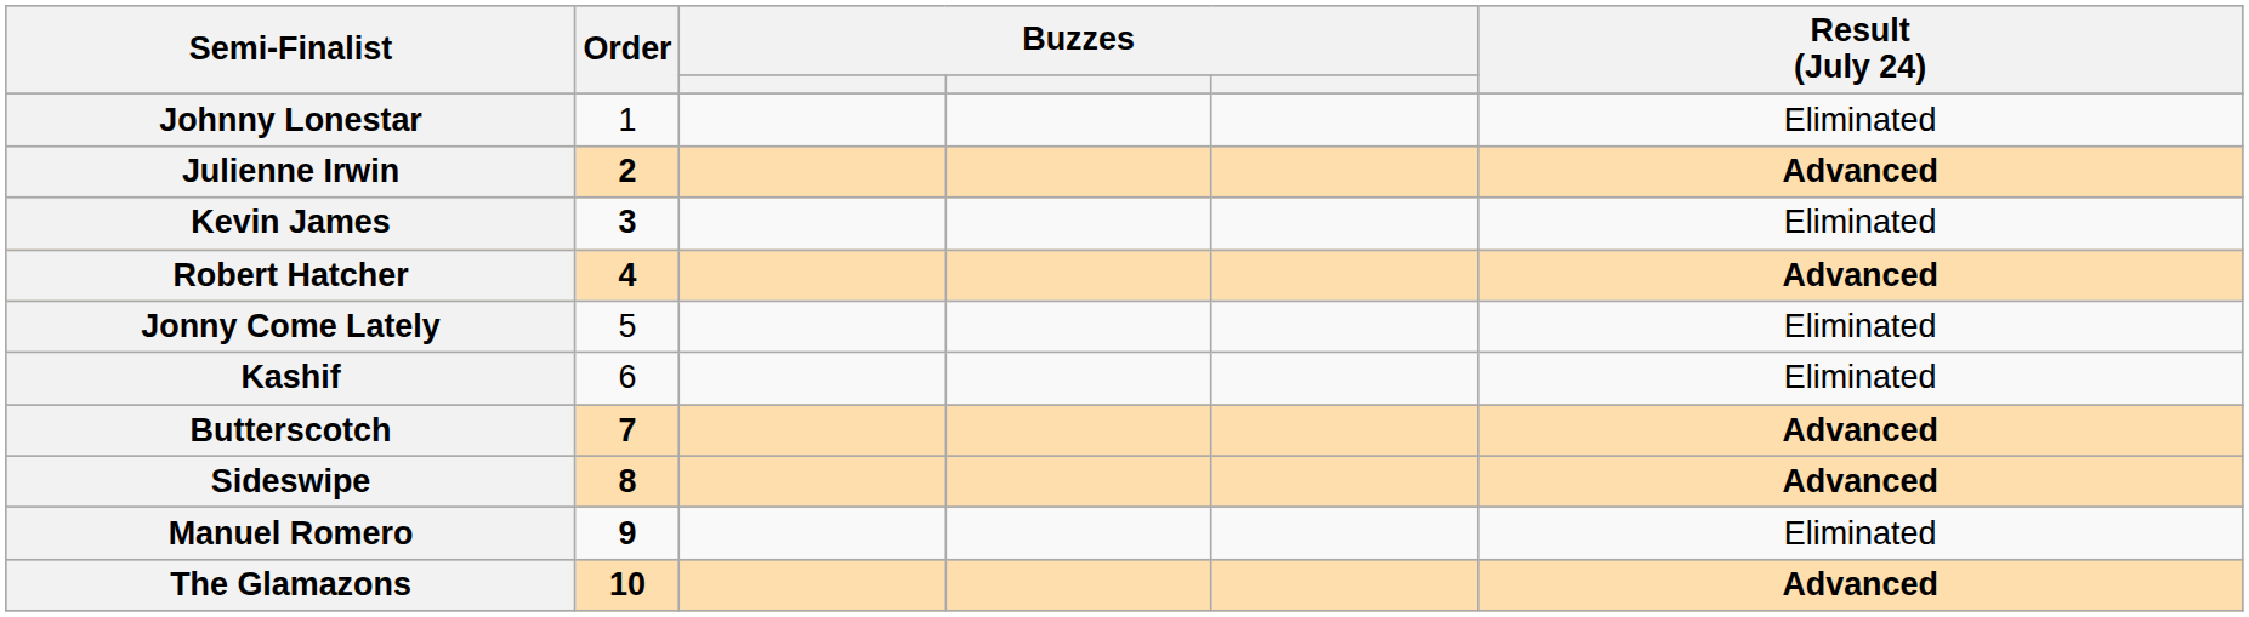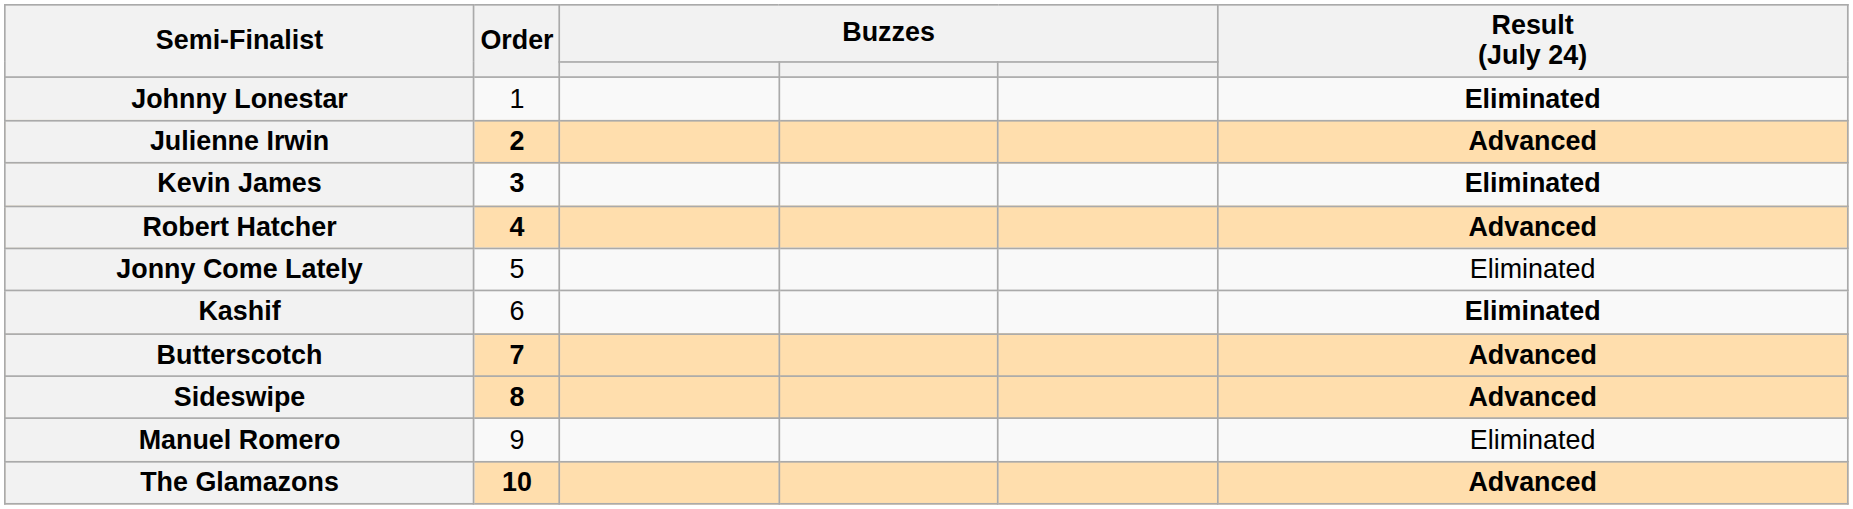 <table class="wikitable plainrowheaders sortable" style="text-align:center;">
 <tr>
 <th scope="col" rowspan="2" class="unsortable" style="width:17em;">Semi-Finalist</th>
 <th scope="col" rowspan="2" style="width:1em;">Order</th>
 <th scope="col" colspan="3" class="unsortable" style="width:24em;">Buzzes</th>
 <th scope="col" rowspan="2" style="width:23em;">Result <br> (July 24)</th>
 </tr>
 <tr>
 <th scope="col" class="unsortable" style="width:6em;"></th>
 <th scope="col" class="unsortable" style="width:6em;"></th>
 <th scope="col" class="unsortable" style="width:6em;"></th>
 </tr>
 <tr>
 <th scope="row">Johnny Lonestar</th>
 <td>1</td>
 <td style="text-align:center;"></td>
 <td style="text-align:center;"></td>
 <td style="text-align:center;"></td>
-<td>Eliminated</td>
+<td><strong>Eliminated</strong></td>
 </tr>
 <tr bgcolor=NavajoWhite>
 <th scope="row"><strong>Julienne Irwin</strong></th>
 <td><strong>2</strong></td>
 <td style="text-align:center;"></td>
 <td style="text-align:center;"></td>
 <td style="text-align:center;"></td>
 <td><strong>Advanced</strong></td>
 </tr>
 <tr>
 <th scope="row">Kevin James</th>
 <td><strong>3</strong></td>
 <td style="text-align:center;"></td>
 <td style="text-align:center;"></td>
 <td style="text-align:center;"></td>
-<td>Eliminated</td>
+<td><strong>Eliminated</strong></td>
 </tr>
 <tr bgcolor=NavajoWhite>
 <th scope="row"><strong>Robert Hatcher</strong></th>
 <td><strong>4</strong></td>
 <td style="text-align:center;"></td>
 <td style="text-align:center;"></td>
 <td style="text-align:center;"></td>
 <td><strong>Advanced</strong></td>
 </tr>
 <tr>
 <th scope="row">Jonny Come Lately</th>
 <td>5</td>
 <td style="text-align:center;"></td>
 <td style="text-align:center;"></td>
 <td style="text-align:center;"></td>
 <td>Eliminated</td>
 </tr>
 <tr>
 <th scope="row">Kashif</th>
 <td>6</td>
 <td style="text-align:center;"></td>
 <td style="text-align:center;"></td>
 <td style="text-align:center;"></td>
-<td>Eliminated</td>
+<td><strong>Eliminated</strong></td>
 </tr>
 <tr bgcolor=NavajoWhite>
 <th scope="row"><strong>Butterscotch</strong></th>
 <td><strong>7</strong></td>
 <td style="text-align:center;"></td>
 <td style="text-align:center;"></td>
 <td style="text-align:center;"></td>
 <td><strong>Advanced</strong></td>
 </tr>
 <tr bgcolor=NavajoWhite>
 <th scope="row"><strong>Sideswipe</strong></th>
 <td><strong>8</strong></td>
 <td style="text-align:center;"></td>
 <td style="text-align:center;"></td>
 <td style="text-align:center;"></td>
 <td><strong>Advanced</strong></td>
 </tr>
 <tr>
 <th scope="row">Manuel Romero</th>
-<td><strong>9</strong></td>
+<td>9</td>
 <td style="text-align:center;"></td>
 <td style="text-align:center;"></td>
 <td style="text-align:center;"></td>
 <td>Eliminated</td>
 </tr>
 <tr bgcolor=NavajoWhite>
 <th scope="row"><strong>The Glamazons</strong></th>
 <td><strong>10</strong></td>
 <td style="text-align:center;"></td>
 <td style="text-align:center;"></td>
 <td style="text-align:center;"></td>
 <td><strong>Advanced</strong></td>
 </tr>
 </table>
